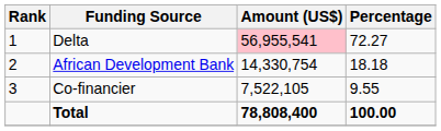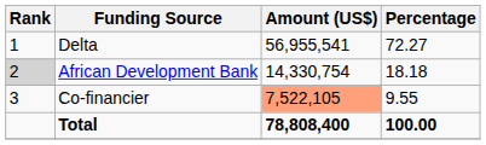 <table class="wikitable sortable" style="margin: 0.5em auto">
 <tr>
 <th>Rank</th>
 <th>Funding Source</th>
 <th>Amount (US$)</th>
 <th>Percentage</th>
 </tr>
 <tr>
 <td>1</td>
 <td>Delta</td>
-<td style="background: pink;">56,955,541</td>
+<td>56,955,541</td>
 <td>72.27</td>
 </tr>
 <tr>
-<td>2</td>
+<td style="background: lightgrey;">2</td>
 <td><a href='#'>African Development Bank</a></td>
 <td>14,330,754</td>
 <td>18.18</td>
 </tr>
 <tr>
 <td>3</td>
 <td>Co-financier</td>
-<td>7,522,105</td>
+<td style="background: lightsalmon;">7,522,105</td>
 <td>9.55</td>
 </tr>
 <tr>
 <td></td>
 <td><strong>Total</strong></td>
 <td><strong>78,808,400</strong></td>
 <td><strong>100.00</strong></td>
 </tr>
 <tr>
 </tr>
 </table>
